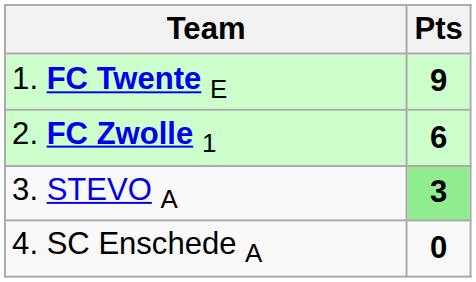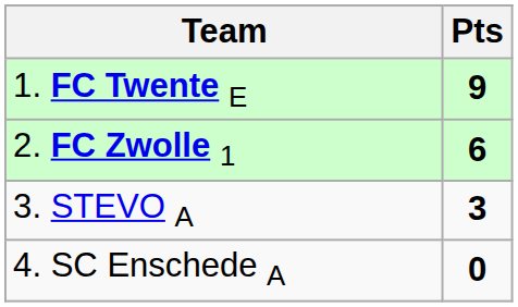 <table class="wikitable" style="text-align:center; float:left; margin-right:1em">
 <tr>
 <th style="width:200px">Team</th>
 <th width=20>Pts</th>
 </tr>
 <tr bgcolor=ccffcc>
 <td align=left>1. <strong><a href='#'>FC Twente</a></strong> <sub>E</sub></td>
 <td><strong>9</strong></td>
 </tr>
 <tr bgcolor=ccffcc>
 <td align=left>2. <strong><a href='#'>FC Zwolle</a></strong> <sub>1</sub></td>
 <td><strong>6</strong></td>
 </tr>
 <tr>
 <td align=left>3. <a href='#'>STEVO</a> <sub>A</sub></td>
-<td style="background: lightgreen;"><strong>3</strong></td>
+<td><strong>3</strong></td>
 </tr>
 <tr>
 <td align=left>4. SC Enschede <sub>A</sub></td>
 <td><strong>0</strong></td>
 </tr>
 </table>
